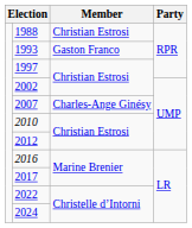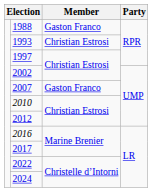 <table class="wikitable">
 <tr>
 <th colspan="2">Election</th>
 <th>Member</th>
 <th>Party</th>
 </tr>
 <tr>
 <td rowspan="11" style="background-color: "></td>
 <td><a href='#'>1988</a></td>
-<td><a href='#'>Christian Estrosi</a></td>
+<td><a href='#'>Gaston Franco</a></td>
 <td rowspan="3"><a href='#'>RPR</a></td>
 </tr>
 <tr>
 <td><a href='#'>1993</a></td>
-<td><a href='#'>Gaston Franco</a></td>
+<td><a href='#'>Christian Estrosi</a></td>
 </tr>
 <tr>
 <td><a href='#'>1997</a></td>
 <td rowspan="2"><a href='#'>Christian Estrosi</a></td>
 </tr>
 <tr>
 <td><a href='#'>2002</a></td>
 <td rowspan="4"><a href='#'>UMP</a></td>
 </tr>
 <tr>
 <td><a href='#'>2007</a></td>
-<td><a href='#'>Charles-Ange Ginésy</a></td>
+<td><a href='#'>Gaston Franco</a></td>
 </tr>
 <tr>
 <td><em>2010</em></td>
 <td rowspan="2"><a href='#'>Christian Estrosi</a></td>
 </tr>
 <tr>
 <td><a href='#'>2012</a></td>
 </tr>
 <tr>
 <td><em>2016</em></td>
 <td rowspan="2"><a href='#'>Marine Brenier</a></td>
 <td rowspan="4"><a href='#'>LR</a></td>
 </tr>
 <tr>
 <td><a href='#'>2017</a></td>
 </tr>
 <tr>
 <td><a href='#'>2022</a></td>
 <td rowspan="2"><a href='#'>Christelle d’Intorni</a></td>
 </tr>
 <tr>
 <td><a href='#'>2024</a></td>
 </tr>
 </table>
